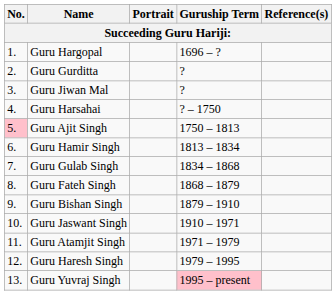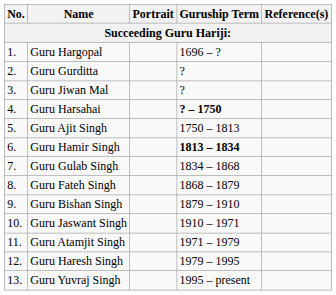 <table class="wikitable">
 <tr>
 <th>No.</th>
 <th>Name<br></th>
 <th>Portrait</th>
 <th>Guruship Term</th>
 <th>Reference(s)</th>
 </tr>
 <tr>
 <th colspan="5">Succeeding Guru Hariji:</th>
 </tr>
 <tr>
 <td>1.</td>
 <td>Guru Hargopal</td>
 <td></td>
 <td>1696 – ?</td>
 <td></td>
 </tr>
 <tr>
 <td>2.</td>
 <td>Guru Gurditta</td>
 <td></td>
 <td>?</td>
 <td></td>
 </tr>
 <tr>
 <td>3.</td>
 <td>Guru Jiwan Mal<br></td>
 <td></td>
 <td>?</td>
 <td></td>
 </tr>
 <tr>
 <td>4.</td>
 <td>Guru Harsahai<br></td>
 <td></td>
-<td>? – 1750</td>
+<td><strong>? – 1750</strong></td>
 <td></td>
 </tr>
 <tr>
-<td style="background: pink;">5.</td>
+<td>5.</td>
 <td>Guru Ajit Singh<br></td>
 <td></td>
 <td>1750 – 1813</td>
 <td></td>
 </tr>
 <tr>
 <td>6.</td>
 <td>Guru Hamir Singh<br></td>
 <td></td>
-<td>1813 – 1834</td>
+<td><strong>1813 – 1834</strong></td>
 <td></td>
 </tr>
 <tr>
 <td>7.</td>
 <td>Guru Gulab Singh<br></td>
 <td></td>
 <td>1834 – 1868</td>
 <td></td>
 </tr>
 <tr>
 <td>8.</td>
 <td>Guru Fateh Singh<br></td>
 <td></td>
 <td>1868 – 1879</td>
 <td></td>
 </tr>
 <tr>
 <td>9.</td>
 <td>Guru Bishan Singh<br></td>
 <td></td>
 <td>1879 – 1910</td>
 <td></td>
 </tr>
 <tr>
 <td>10.</td>
 <td>Guru Jaswant Singh<br></td>
 <td></td>
 <td>1910 – 1971</td>
 <td></td>
 </tr>
 <tr>
 <td>11.</td>
 <td>Guru Atamjit Singh<br></td>
 <td></td>
 <td>1971 – 1979</td>
 <td></td>
 </tr>
 <tr>
 <td>12.</td>
 <td>Guru Haresh Singh<br></td>
 <td></td>
 <td>1979 – 1995</td>
 <td></td>
 </tr>
 <tr>
 <td>13.</td>
 <td>Guru Yuvraj Singh<br></td>
 <td></td>
-<td style="background: pink;">1995 – present</td>
+<td>1995 – present</td>
 <td></td>
 </tr>
 </table>
